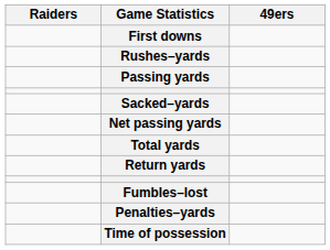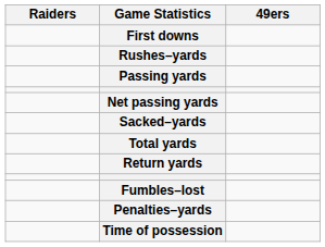 <table class="wikitable" style="margin: 1em auto 1em auto">
 <tr>
 <th style="width:30%;">Raiders</th>
 <th style="width:40%;">Game Statistics</th>
 <th style="width:30%;">49ers</th>
 </tr>
 <tr>
 <td style="text-align:right;"></td>
 <th>First downs</th>
 <td></td>
 </tr>
 <tr>
 <td style="text-align:right;"></td>
 <th>Rushes–yards</th>
 <td></td>
 </tr>
 <tr>
 <td style="text-align:right;"></td>
 <th>Passing yards</th>
 <td></td>
 </tr>
 <tr>
 <td style="text-align:right;"></td>
 <th></th>
 <td></td>
 </tr>
 <tr>
 <td style="text-align:right;"></td>
-<th>Sacked–yards</th>
+<th>Net passing yards</th>
 <td></td>
 </tr>
 <tr>
 <td style="text-align:right;"></td>
-<th>Net passing yards</th>
+<th>Sacked–yards</th>
 <td></td>
 </tr>
 <tr>
 <td style="text-align:right;"></td>
 <th>Total yards</th>
 <td></td>
 </tr>
 <tr>
 <td style="text-align:right;"></td>
 <th>Return yards</th>
 <td></td>
 </tr>
 <tr>
 <td style="text-align:right;"></td>
 <th></th>
 <td></td>
 </tr>
 <tr>
 <td style="text-align:right;"></td>
 <th>Fumbles–lost</th>
 <td></td>
 </tr>
 <tr>
 <td style="text-align:right;"></td>
 <th>Penalties–yards</th>
 <td></td>
 </tr>
 <tr>
 <td style="text-align:right;"></td>
 <th>Time of possession</th>
 <td></td>
 </tr>
 </table>
